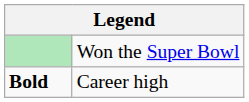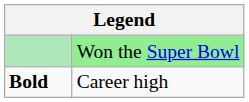 <table class="wikitable mw-collapsible">
 <tr>
 <th colspan="2">Legend</th>
 </tr>
 <tr>
 <td style="background:#afe6ba; width:3em;"></td>
-<td>Won the <a href='#'>Super Bowl</a></td>
+<td style="background: lightgreen;">Won the <a href='#'>Super Bowl</a></td>
 </tr>
 <tr>
 <td><strong>Bold</strong></td>
 <td>Career high</td>
 </tr>
 </table>
